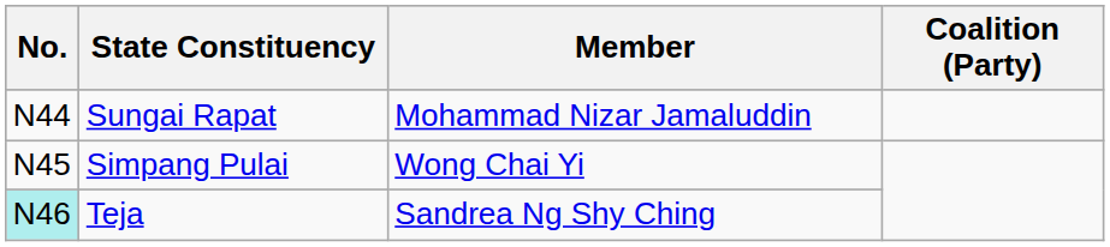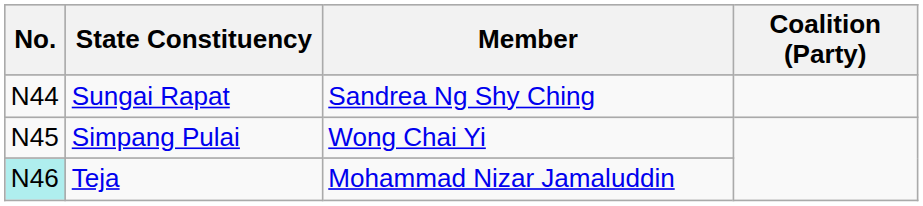 <table class="wikitable">
 <tr>
 <th width="30">No.</th>
 <th width="150">State Constituency</th>
 <th width="245">Member</th>
 <th width="105">Coalition (Party)</th>
 </tr>
 <tr>
 <td>N44</td>
 <td><a href='#'>Sungai Rapat</a></td>
-<td><a href='#'>Mohammad Nizar Jamaluddin</a></td>
+<td><a href='#'>Sandrea Ng Shy Ching</a></td>
 <td></td>
 </tr>
 <tr>
 <td>N45</td>
 <td><a href='#'>Simpang Pulai</a></td>
 <td><a href='#'>Wong Chai Yi</a></td>
 <td rowspan="2"></td>
 </tr>
 <tr>
 <td style="background: paleturquoise;">N46</td>
 <td><a href='#'>Teja</a></td>
-<td><a href='#'>Sandrea Ng Shy Ching</a></td>
+<td><a href='#'>Mohammad Nizar Jamaluddin</a></td>
 </tr>
 </table>
